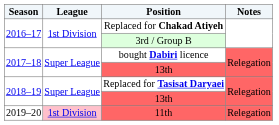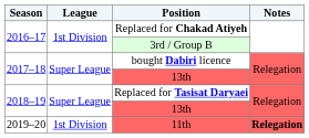 <table border="1" cellpadding="2" style="border-collapse:collapse; text-align:center; font-size:normal;">
 <tr style="background:#f0f6fa;">
 <th>Season</th>
 <th>League</th>
 <th>Position</th>
 <th>Notes</th>
 </tr>
 <tr>
 <td rowspan=2><a href='#'>2016–17</a></td>
 <td rowspan=2><a href='#'>1st Division</a></td>
 <td>Replaced for <strong>Chakad Atiyeh</strong></td>
 <td rowspan=2></td>
 </tr>
 <tr>
 <td bgcolor=DDFFDD>3rd / Group B</td>
 </tr>
 <tr>
 <td rowspan=2><a href='#'>2017–18</a></td>
 <td rowspan=2><a href='#'>Super League</a></td>
 <td>bought <strong><a href='#'>Dabiri</a></strong> licence </td>
 <td rowspan=2 bgcolor=FF6666>Relegation</td>
 </tr>
 <tr>
 <td bgcolor=FF6666>13th</td>
 </tr>
 <tr>
 <td rowspan=2><a href='#'>2018–19</a></td>
 <td rowspan=2><a href='#'>Super League</a></td>
 <td>Replaced for <strong><a href='#'>Tasisat Daryaei</a></strong> </td>
 <td rowspan=2 bgcolor=FF6666>Relegation</td>
 </tr>
 <tr>
 <td bgcolor=FF6666>13th</td>
 </tr>
 <tr>
 <td>2019–20</td>
-<td style="background: pink;"><a href='#'>1st Division</a></td>
+<td><a href='#'>1st Division</a></td>
 <td bgcolor=FF6666>11th</td>
-<td bgcolor=FF6666>Relegation</td>
+<td bgcolor=FF6666><strong>Relegation</strong></td>
 </tr>
 </table>
